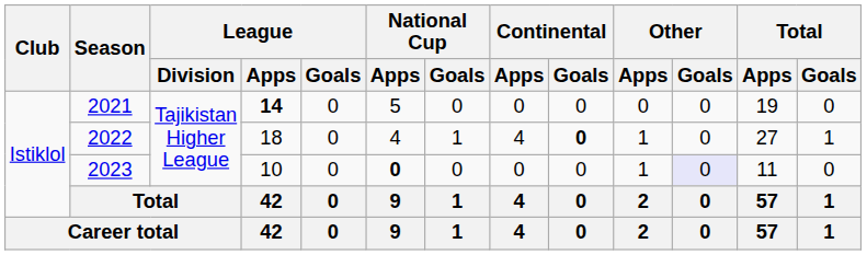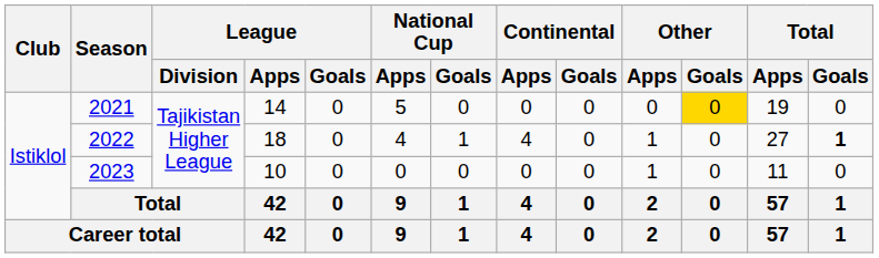 <table class="wikitable" style="text-align: center;">
 <tr>
 <th rowspan="2">Club</th>
 <th rowspan="2">Season</th>
 <th colspan="3">League</th>
 <th colspan="2">National Cup</th>
 <th colspan="2">Continental</th>
 <th colspan="2">Other</th>
 <th colspan="2">Total</th>
 </tr>
 <tr>
 <th>Division</th>
 <th>Apps</th>
 <th>Goals</th>
 <th>Apps</th>
 <th>Goals</th>
 <th>Apps</th>
 <th>Goals</th>
 <th>Apps</th>
 <th>Goals</th>
 <th>Apps</th>
 <th>Goals</th>
 </tr>
 <tr>
 <td rowspan="4" valign="center"><a href='#'>Istiklol</a></td>
 <td><a href='#'>2021</a></td>
 <td rowspan="3" valign="center"><a href='#'>Tajikistan Higher League</a></td>
-<td><strong>14</strong></td>
+<td>14</td>
 <td>0</td>
 <td>5</td>
 <td>0</td>
 <td>0</td>
 <td>0</td>
 <td>0</td>
-<td>0</td>
+<td style="background: gold;">0</td>
 <td>19</td>
 <td>0</td>
 </tr>
 <tr>
 <td><a href='#'>2022</a></td>
 <td>18</td>
 <td>0</td>
 <td>4</td>
 <td>1</td>
 <td>4</td>
-<td><strong>0</strong></td>
+<td>0</td>
 <td>1</td>
 <td>0</td>
 <td>27</td>
-<td>1</td>
+<td><strong>1</strong></td>
 </tr>
 <tr>
 <td><a href='#'>2023</a></td>
 <td>10</td>
 <td>0</td>
-<td><strong>0</strong></td>
+<td>0</td>
 <td>0</td>
 <td>0</td>
 <td>0</td>
 <td>1</td>
-<td style="background: lavender;">0</td>
+<td>0</td>
 <td>11</td>
 <td>0</td>
 </tr>
 <tr>
 <th colspan="2">Total</th>
 <th>42</th>
 <th>0</th>
 <th>9</th>
 <th>1</th>
 <th>4</th>
 <th>0</th>
 <th>2</th>
 <th>0</th>
 <th>57</th>
 <th>1</th>
 </tr>
 <tr>
 <th colspan="3">Career total</th>
 <th>42</th>
 <th>0</th>
 <th>9</th>
 <th>1</th>
 <th>4</th>
 <th>0</th>
 <th>2</th>
 <th>0</th>
 <th>57</th>
 <th>1</th>
 </tr>
 </table>
